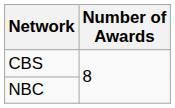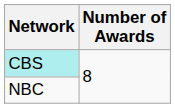 <table class="wikitable">
 <tr>
 <th>Network</th>
 <th>Number of<br>Awards</th>
 </tr>
 <tr>
-<td>CBS</td>
+<td style="background: paleturquoise;">CBS</td>
 <td rowspan="2">8</td>
 </tr>
 <tr>
 <td>NBC</td>
 </tr>
 </table>
